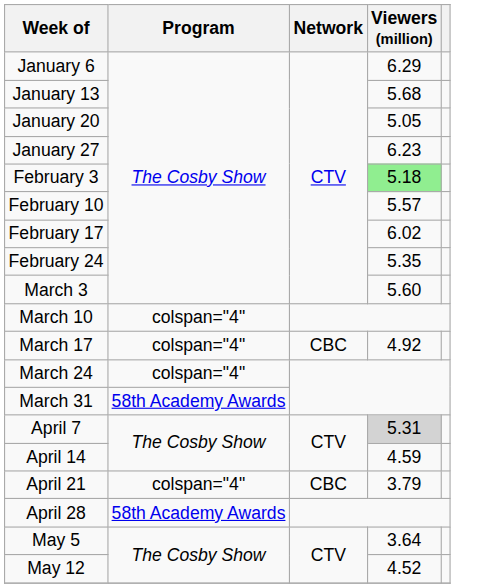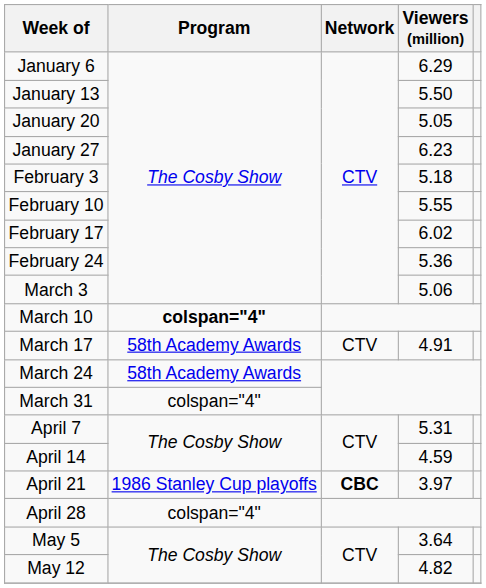 <table class="wikitable plainrowheaders" style="text-align:center;">
 <tr>
 <th>Week of</th>
 <th>Program</th>
 <th>Network</th>
 <th>Viewers<br><small>(million)</small></th>
 <th></th>
 </tr>
 <tr>
 <td>January 6</td>
 <td rowspan="9"><em><a href='#'>The Cosby Show</a></em></td>
 <td rowspan="9"><a href='#'>CTV</a></td>
 <td>6.29</td>
 <td></td>
 </tr>
 <tr>
 <td>January 13</td>
-<td>5.68</td>
+<td>5.50</td>
 <td></td>
 </tr>
 <tr>
 <td>January 20</td>
 <td>5.05</td>
 <td></td>
 </tr>
 <tr>
 <td>January 27</td>
 <td>6.23</td>
 <td></td>
 </tr>
 <tr>
 <td>February 3</td>
-<td style="background: lightgreen;">5.18</td>
+<td>5.18</td>
 <td></td>
 </tr>
 <tr>
 <td>February 10</td>
-<td>5.57</td>
+<td>5.55</td>
 <td></td>
 </tr>
 <tr>
 <td>February 17</td>
 <td>6.02</td>
 <td></td>
 </tr>
 <tr>
 <td>February 24</td>
-<td>5.35</td>
+<td>5.36</td>
 <td></td>
 </tr>
 <tr>
 <td>March 3</td>
-<td>5.60</td>
+<td>5.06</td>
 <td></td>
 </tr>
 <tr>
 <td>March 10</td>
-<td>colspan="4" </td>
+<td><strong>colspan="4" </strong></td>
 </tr>
 <tr>
 <td>March 17</td>
-<td>colspan="4" </td>
-<td>CBC</td>
-<td>4.92</td>
+<td><a href='#'>58th Academy Awards</a></td>
+<td>CTV</td>
+<td>4.91</td>
 <td></td>
 </tr>
 <tr>
 <td>March 24</td>
-<td>colspan="4" </td>
+<td><a href='#'>58th Academy Awards</a></td>
 </tr>
 <tr>
 <td>March 31</td>
-<td><a href='#'>58th Academy Awards</a></td>
+<td>colspan="4" </td>
 </tr>
 <tr>
 <td>April 7</td>
 <td rowspan="2'"><em>The Cosby Show</em></td>
 <td rowspan="2">CTV</td>
-<td style="background: lightgrey;">5.31</td>
+<td>5.31</td>
 <td></td>
 </tr>
 <tr>
 <td>April 14</td>
 <td>4.59</td>
 <td></td>
 </tr>
 <tr>
 <td>April 21</td>
-<td>colspan="4" </td>
-<td>CBC</td>
-<td>3.79</td>
+<td><a href='#'>1986 Stanley Cup playoffs</a></td>
+<td><strong>CBC</strong></td>
+<td>3.97</td>
 <td></td>
 </tr>
 <tr>
 <td>April 28</td>
-<td><a href='#'>58th Academy Awards</a></td>
+<td>colspan="4" </td>
 </tr>
 <tr>
 <td>May 5</td>
 <td rowspan="2'"><em>The Cosby Show</em></td>
 <td rowspan="2">CTV</td>
 <td>3.64</td>
 <td></td>
 </tr>
 <tr>
 <td>May 12</td>
-<td>4.52</td>
+<td>4.82</td>
 <td></td>
 </tr>
 <tr>
 </tr>
 </table>
